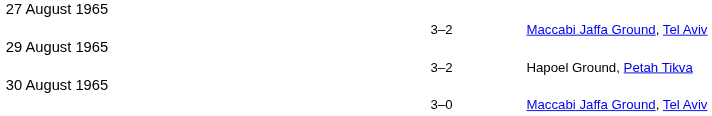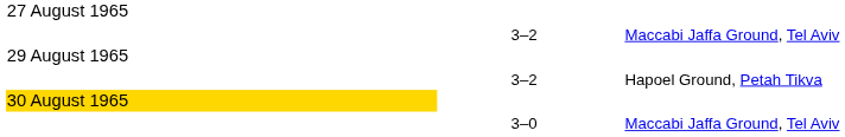 <table style="width:100%;" cellspacing="1">
 <tr>
 <th width=25%></th>
 <th width=10%></th>
 <th></th>
 </tr>
 <tr>
 <td>27 August 1965</td>
 </tr>
 <tr>
 </tr>
 <tr style=font-size:90%>
 <td align=right></td>
 <td align=center>3–2</td>
 <td></td>
 <td><a href='#'>Maccabi Jaffa Ground</a>, <a href='#'>Tel Aviv</a></td>
 </tr>
 <tr>
 <td>29 August 1965</td>
 </tr>
 <tr>
 </tr>
 <tr style=font-size:90%>
 <td align=right></td>
 <td align=center>3–2</td>
 <td></td>
 <td>Hapoel Ground, <a href='#'>Petah Tikva</a></td>
 </tr>
 <tr>
-<td>30 August 1965</td>
+<td style="background: gold;">30 August 1965</td>
 </tr>
 <tr>
 </tr>
 <tr style=font-size:90%>
 <td align=right></td>
 <td align=center>3–0</td>
 <td></td>
 <td><a href='#'>Maccabi Jaffa Ground</a>, <a href='#'>Tel Aviv</a></td>
 </tr>
 </table>
